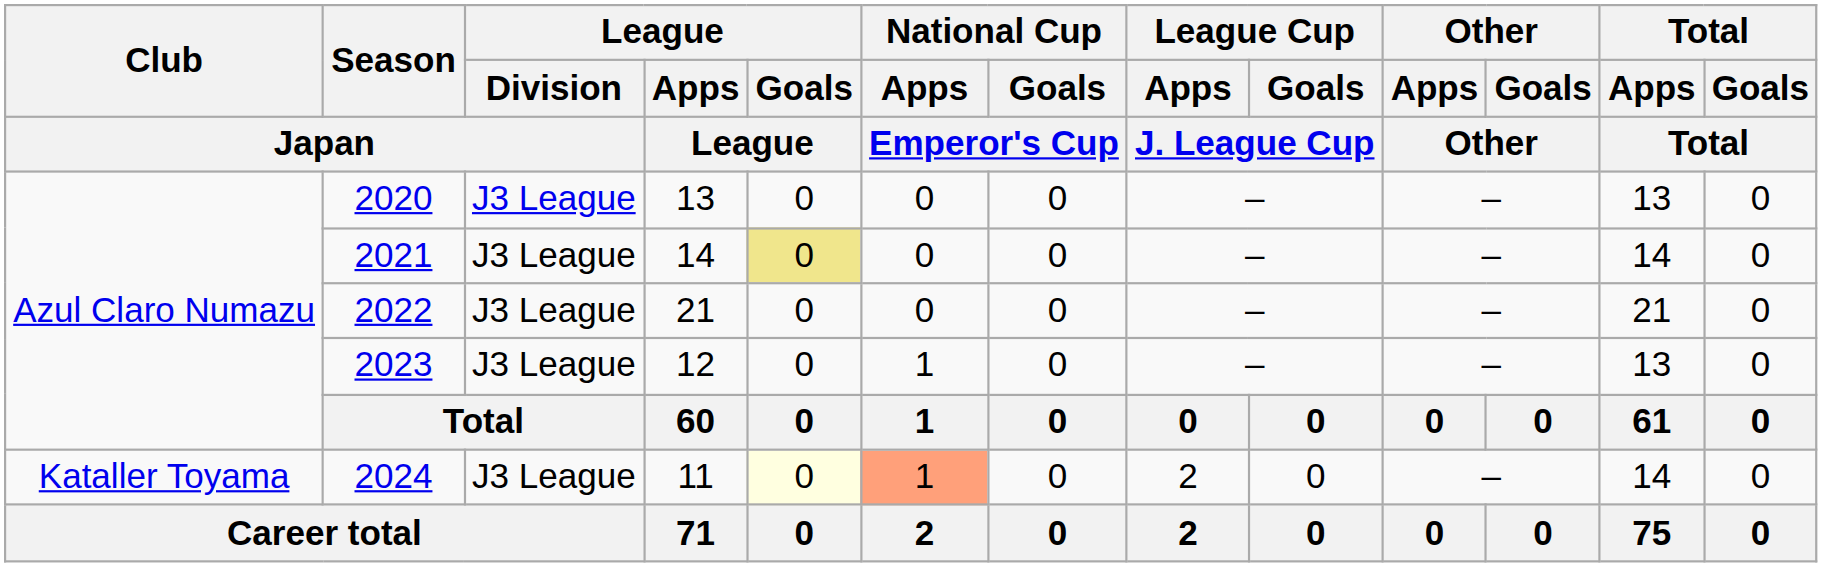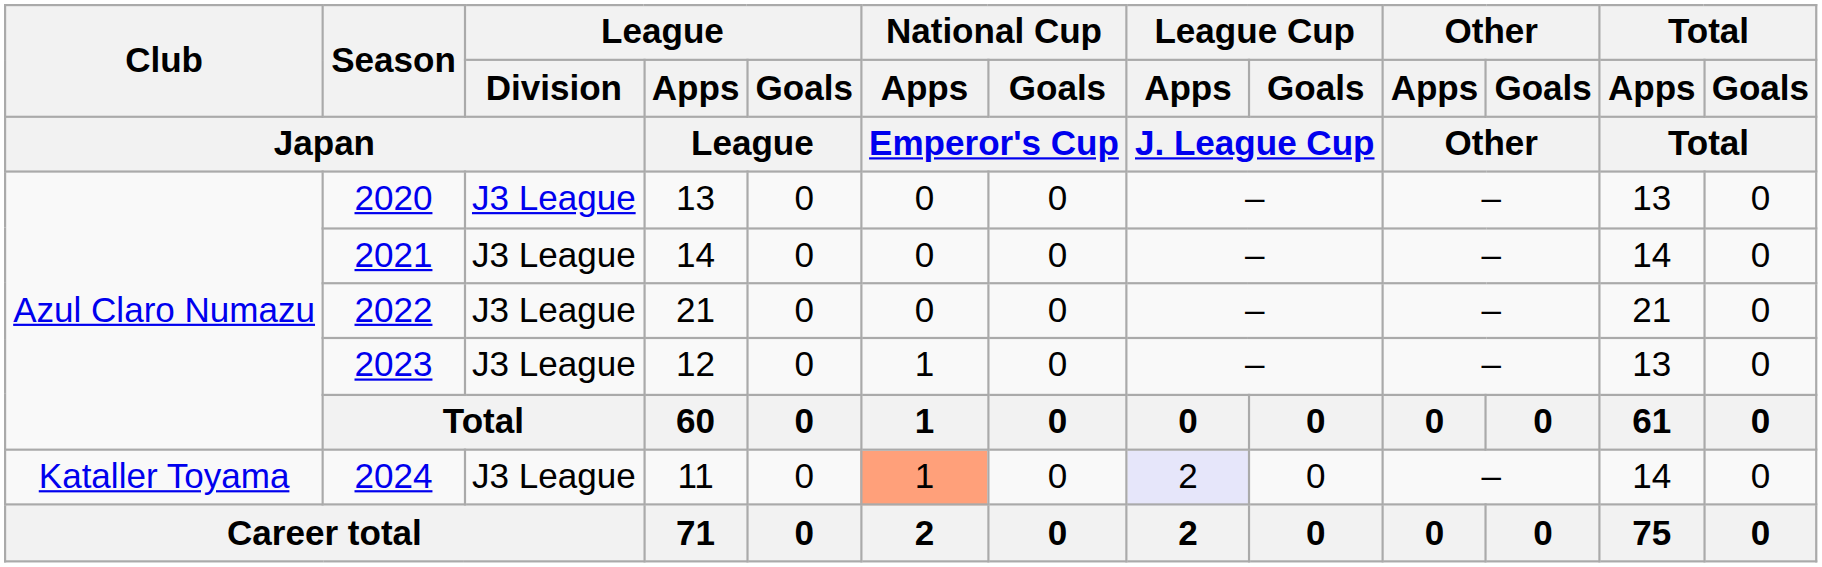 <table class="wikitable" style="text-align:center">
 <tr>
 <th rowspan=2>Club</th>
 <th rowspan=2>Season</th>
 <th colspan=3>League</th>
 <th colspan=2>National Cup</th>
 <th colspan=2>League Cup</th>
 <th colspan=2>Other</th>
 <th colspan=2>Total</th>
 </tr>
 <tr>
 <th>Division</th>
 <th>Apps</th>
 <th>Goals</th>
 <th>Apps</th>
 <th>Goals</th>
 <th>Apps</th>
 <th>Goals</th>
 <th>Apps</th>
 <th>Goals</th>
 <th>Apps</th>
 <th>Goals</th>
 </tr>
 <tr>
 <th colspan=3>Japan</th>
 <th colspan=2>League</th>
 <th colspan=2><a href='#'>Emperor's Cup</a></th>
 <th colspan=2><a href='#'>J. League Cup</a></th>
 <th colspan=2>Other</th>
 <th colspan=2>Total</th>
 </tr>
 <tr>
 <td rowspan="5"><a href='#'>Azul Claro Numazu</a></td>
 <td><a href='#'>2020</a></td>
 <td><a href='#'>J3 League</a></td>
 <td>13</td>
 <td>0</td>
 <td>0</td>
 <td>0</td>
 <td colspan="2">–</td>
 <td colspan="2">–</td>
 <td>13</td>
 <td>0</td>
 </tr>
 <tr>
 <td><a href='#'>2021</a></td>
 <td>J3 League</td>
 <td>14</td>
-<td style="background: khaki;">0</td>
+<td>0</td>
 <td>0</td>
 <td>0</td>
 <td colspan="2">–</td>
 <td colspan="2">–</td>
 <td>14</td>
 <td>0</td>
 </tr>
 <tr>
 <td><a href='#'>2022</a></td>
 <td>J3 League</td>
 <td>21</td>
 <td>0</td>
 <td>0</td>
 <td>0</td>
 <td colspan="2">–</td>
 <td colspan="2">–</td>
 <td>21</td>
 <td>0</td>
 </tr>
 <tr>
 <td><a href='#'>2023</a></td>
 <td>J3 League</td>
 <td>12</td>
 <td>0</td>
 <td>1</td>
 <td>0</td>
 <td colspan="2">–</td>
 <td colspan="2">–</td>
 <td>13</td>
 <td>0</td>
 </tr>
 <tr>
 <th colspan="2">Total</th>
 <th>60</th>
 <th>0</th>
 <th>1</th>
 <th>0</th>
 <th>0</th>
 <th>0</th>
 <th>0</th>
 <th>0</th>
 <th>61</th>
 <th>0</th>
 </tr>
 <tr>
 <td rowspan="1"><a href='#'>Kataller Toyama</a></td>
 <td><a href='#'>2024</a></td>
 <td>J3 League</td>
 <td>11</td>
-<td style="background: lightyellow;">0</td>
+<td>0</td>
 <td style="background: lightsalmon;">1</td>
 <td>0</td>
-<td>2</td>
+<td style="background: lavender;">2</td>
 <td>0</td>
 <td colspan="2">–</td>
 <td>14</td>
 <td>0</td>
 </tr>
 <tr>
 <th colspan=3>Career total</th>
 <th>71</th>
 <th>0</th>
 <th>2</th>
 <th>0</th>
 <th>2</th>
 <th>0</th>
 <th>0</th>
 <th>0</th>
 <th>75</th>
 <th>0</th>
 </tr>
 </table>
